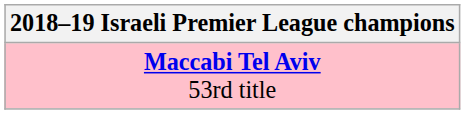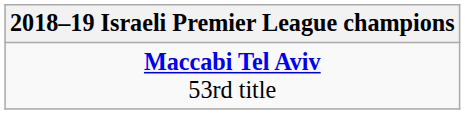 <table class=wikitable style="text-align:center; margin:auto">
 <tr>
 <th>2018–19 Israeli Premier League champions</th>
 </tr>
 <tr>
-<td style="background: pink;"><strong><a href='#'>Maccabi Tel Aviv</a></strong><br>53rd title</td>
+<td><strong><a href='#'>Maccabi Tel Aviv</a></strong><br>53rd title</td>
 </tr>
 </table>
